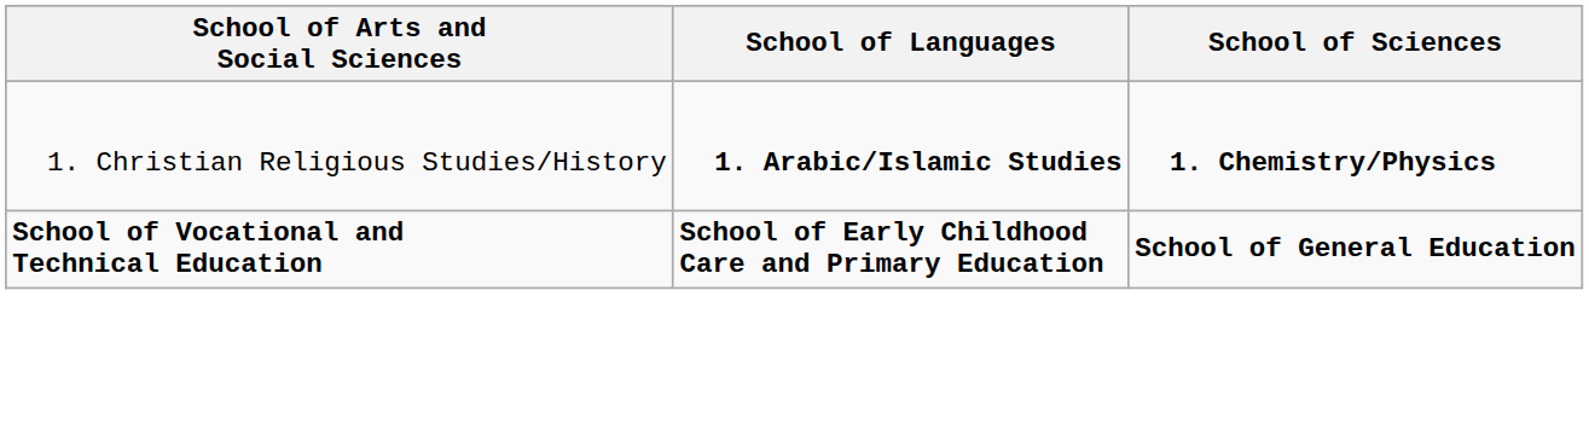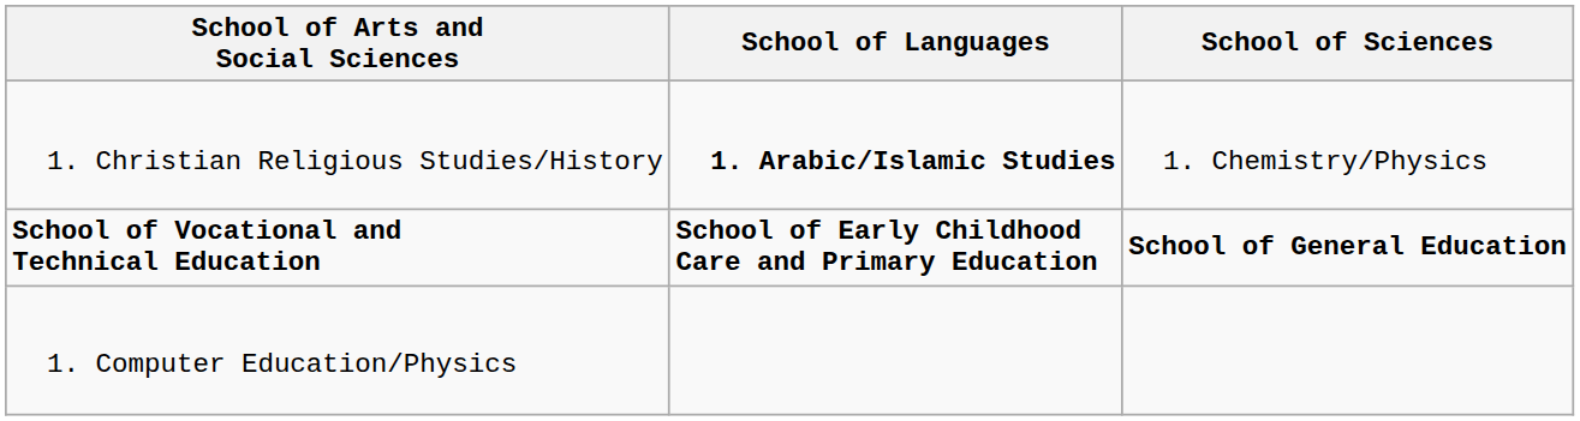 <table class="wikitable">
 <tr>
 <th><strong>School of Arts and</strong><br><strong>Social Sciences</strong></th>
 <th>School of Languages</th>
 <th>School of Sciences</th>
 </tr>
 <tr>
 <td><br><ol><li>Christian Religious Studies/History</li></ol></td>
 <td><strong><br><ol><li>Arabic/Islamic Studies</li></ol></strong></td>
-<td><strong><br><ol><li>Chemistry/Physics</li></ol></strong></td>
+<td><br><ol><li>Chemistry/Physics</li></ol></td>
 </tr>
 <tr>
 <td><strong>School of Vocational and</strong><br><strong>Technical Education</strong></td>
 <td><strong>School of Early Childhood</strong><br><strong>Care and Primary Education</strong></td>
 <td><strong>School of General Education</strong></td>
 </tr>
+<tr>
+<td><br><ol><li>Computer Education/Physics</li></ol></td>
+<td></td>
+<td></td>
+</tr>
 </table>
